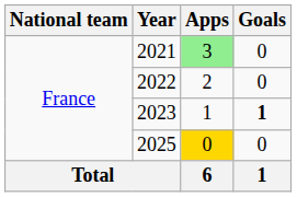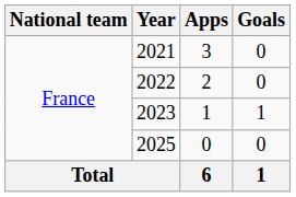 <table class="wikitable" style="text-align:center">
 <tr>
 <th>National team</th>
 <th>Year</th>
 <th>Apps</th>
 <th>Goals</th>
 </tr>
 <tr>
 <td rowspan=4><a href='#'>France</a></td>
 <td>2021</td>
-<td style="background: lightgreen;">3</td>
+<td>3</td>
 <td>0</td>
 </tr>
 <tr>
 <td>2022</td>
 <td>2</td>
 <td>0</td>
 </tr>
 <tr>
 <td>2023</td>
 <td>1</td>
-<td><strong>1</strong></td>
+<td>1</td>
 </tr>
 <tr>
 <td>2025</td>
-<td style="background: gold;">0</td>
+<td>0</td>
 <td>0</td>
 </tr>
 <tr>
 <th colspan=2>Total</th>
 <th>6</th>
 <th>1</th>
 </tr>
 </table>
